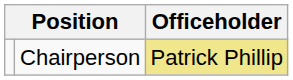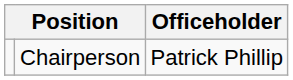 <table class="wikitable sortable" style="text-align: left">
 <tr>
 <th colspan="2">Position</th>
 <th>Officeholder</th>
 </tr>
 <tr>
 <td></td>
 <td>Chairperson</td>
-<td style="background: khaki;">Patrick Phillip</td>
+<td>Patrick Phillip</td>
 </tr>
 </table>
